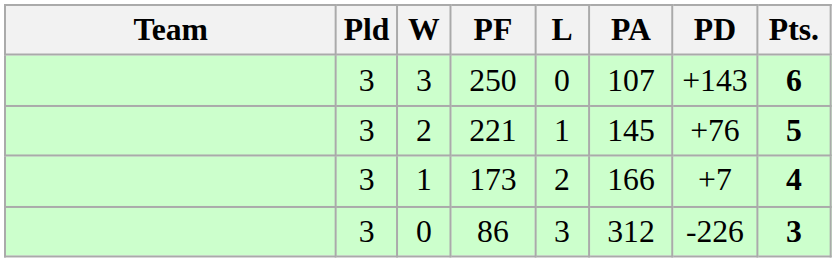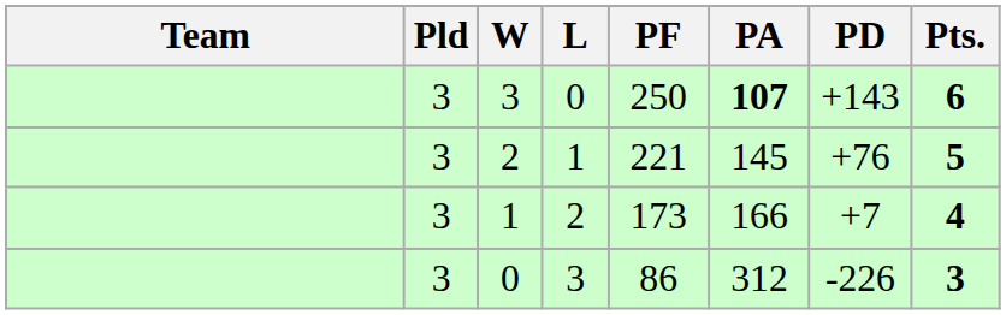 <table class=wikitable style="text-align:center">
 <tr>
 <th width=160>Team</th>
 <th width=20>Pld</th>
 <th width=20>W</th>
+<th width=20>L</th>
 <th width=35>PF</th>
-<th width=20>L</th>
 <th width=35>PA</th>
 <th width=35>PD</th>
 <th width=30>Pts.</th>
 </tr>
 <tr align="center" bgcolor="#CCFFCC">
 <td align=left></td>
 <td>3</td>
 <td>3</td>
+<td>0</td>
 <td>250</td>
-<td>0</td>
-<td>107</td>
+<td><strong>107</strong></td>
 <td>+143</td>
 <td><strong>6</strong></td>
 </tr>
 <tr align="center" bgcolor="#CCFFCC">
 <td align=left></td>
 <td>3</td>
 <td>2</td>
+<td>1</td>
 <td>221</td>
-<td>1</td>
 <td>145</td>
 <td>+76</td>
 <td><strong>5</strong></td>
 </tr>
 <tr align="center" bgcolor="#CCFFCC">
 <td align=left></td>
 <td>3</td>
 <td>1</td>
+<td>2</td>
 <td>173</td>
-<td>2</td>
 <td>166</td>
 <td>+7</td>
 <td><strong>4</strong></td>
 </tr>
 <tr align="center" bgcolor="#CCFFCC">
 <td align=left></td>
 <td>3</td>
 <td>0</td>
+<td>3</td>
 <td>86</td>
-<td>3</td>
 <td>312</td>
 <td>-226</td>
 <td><strong>3</strong></td>
 </tr>
 </table>
